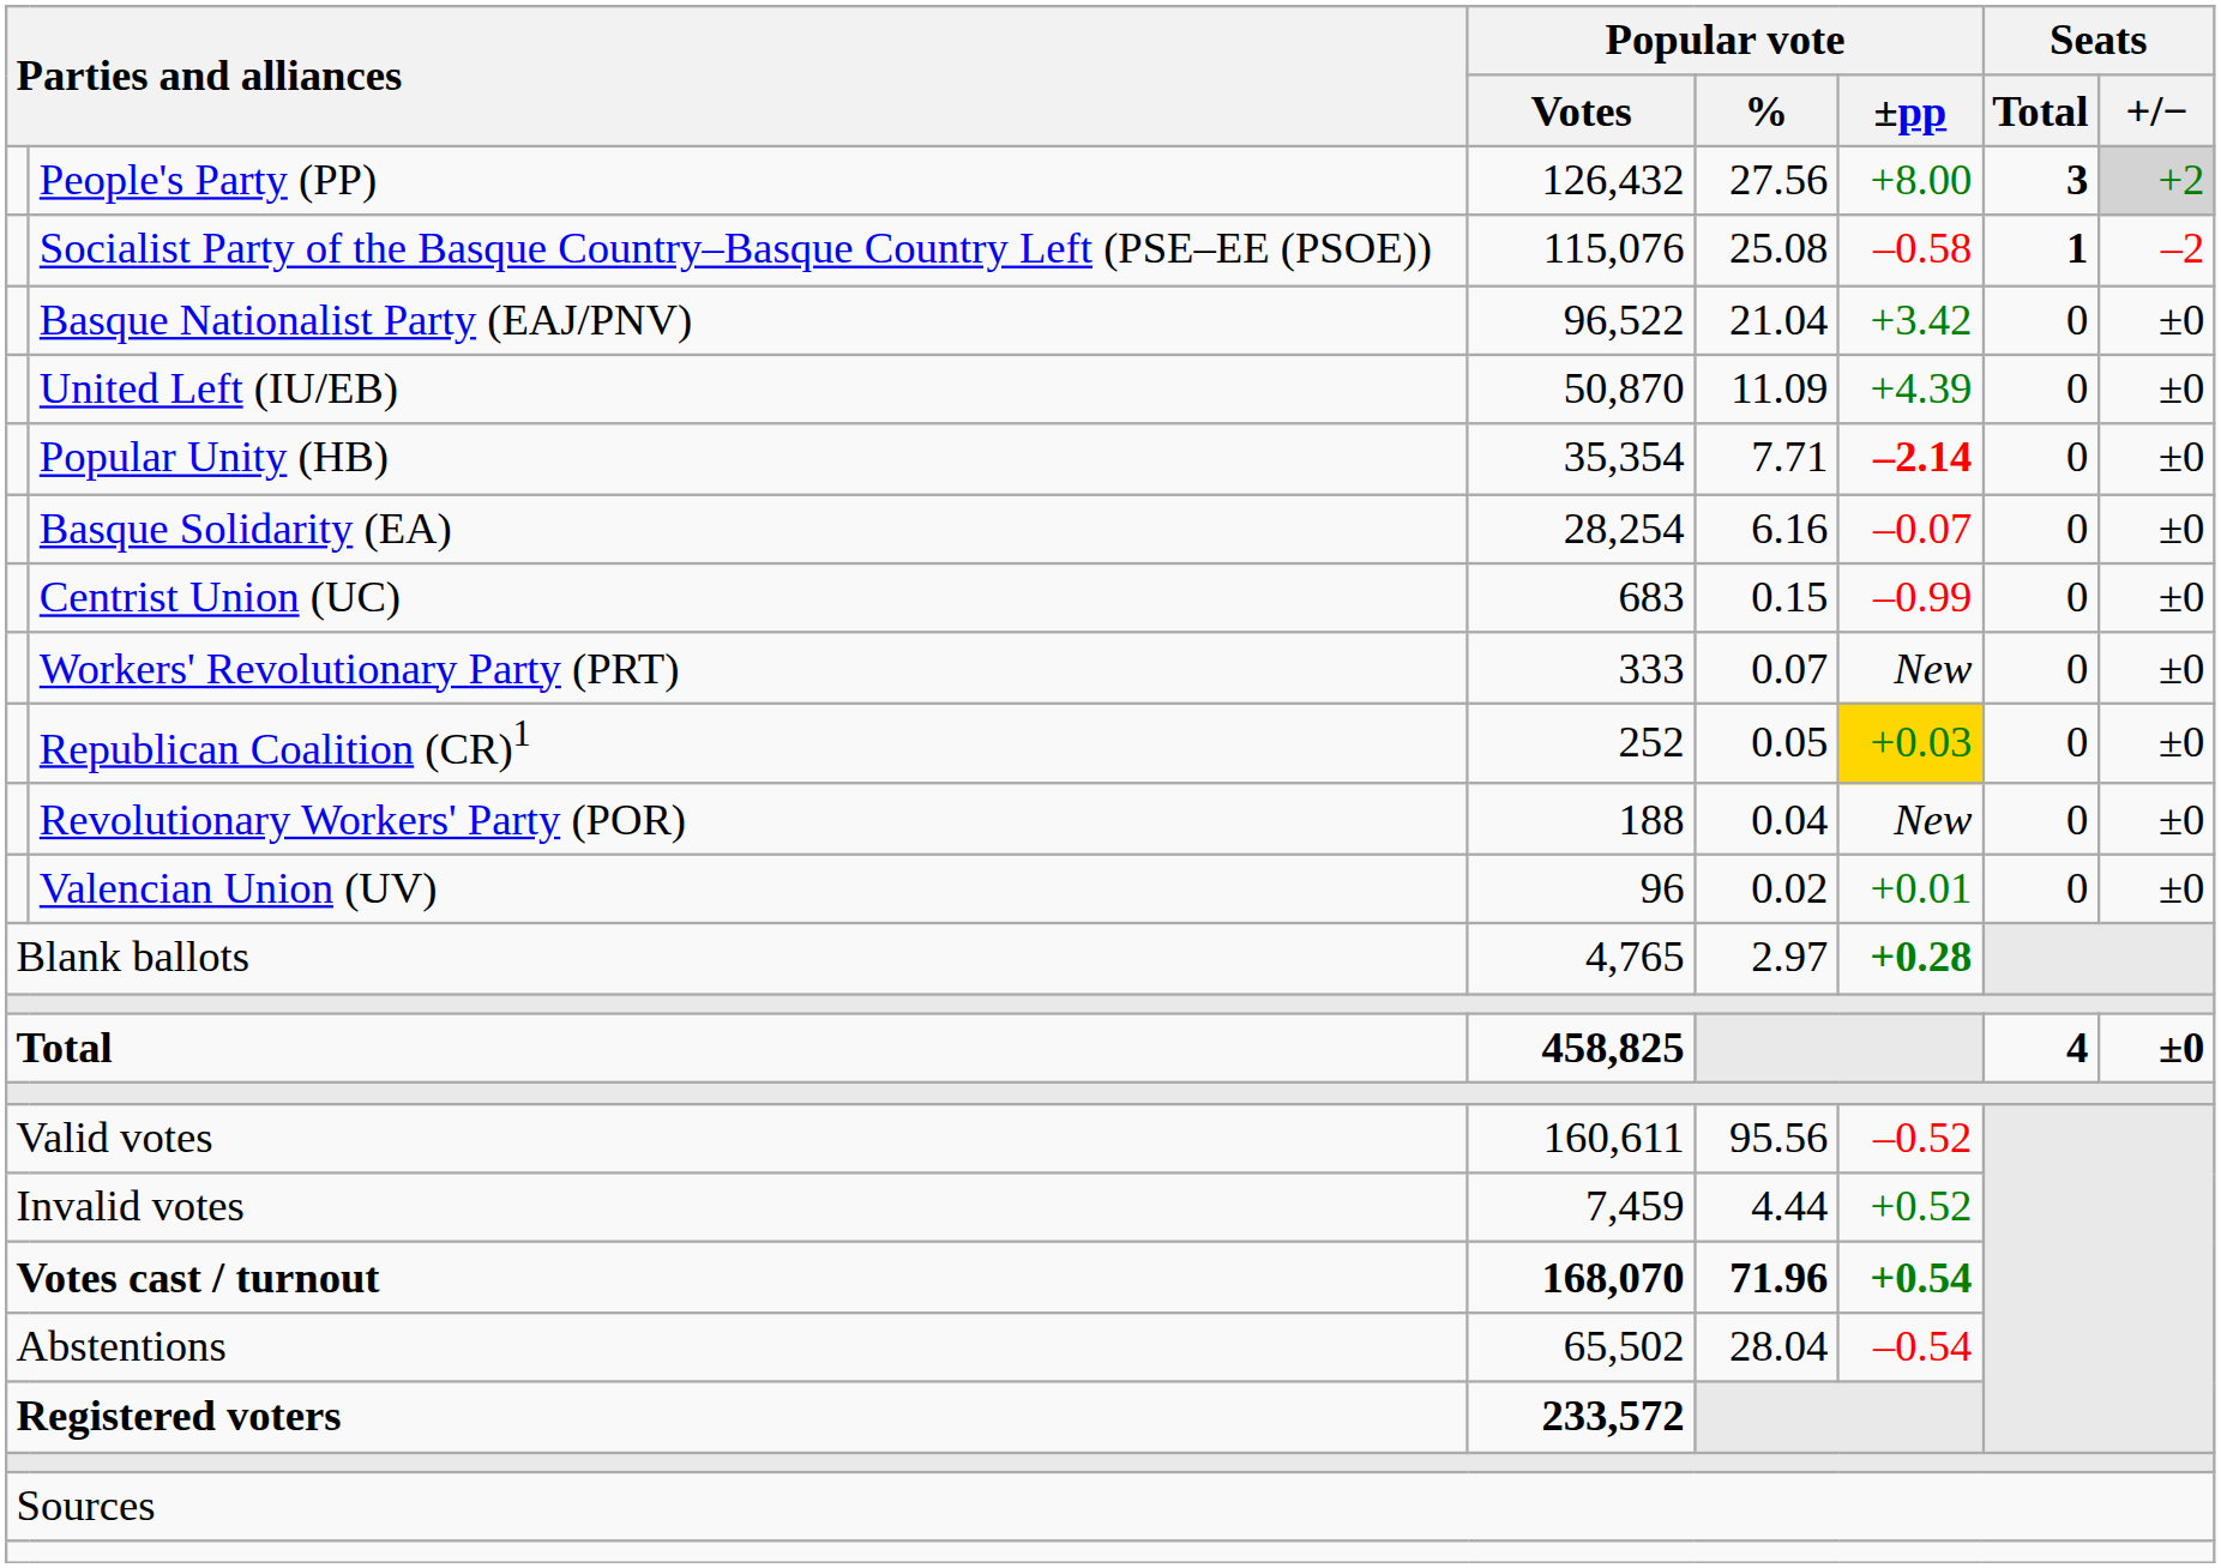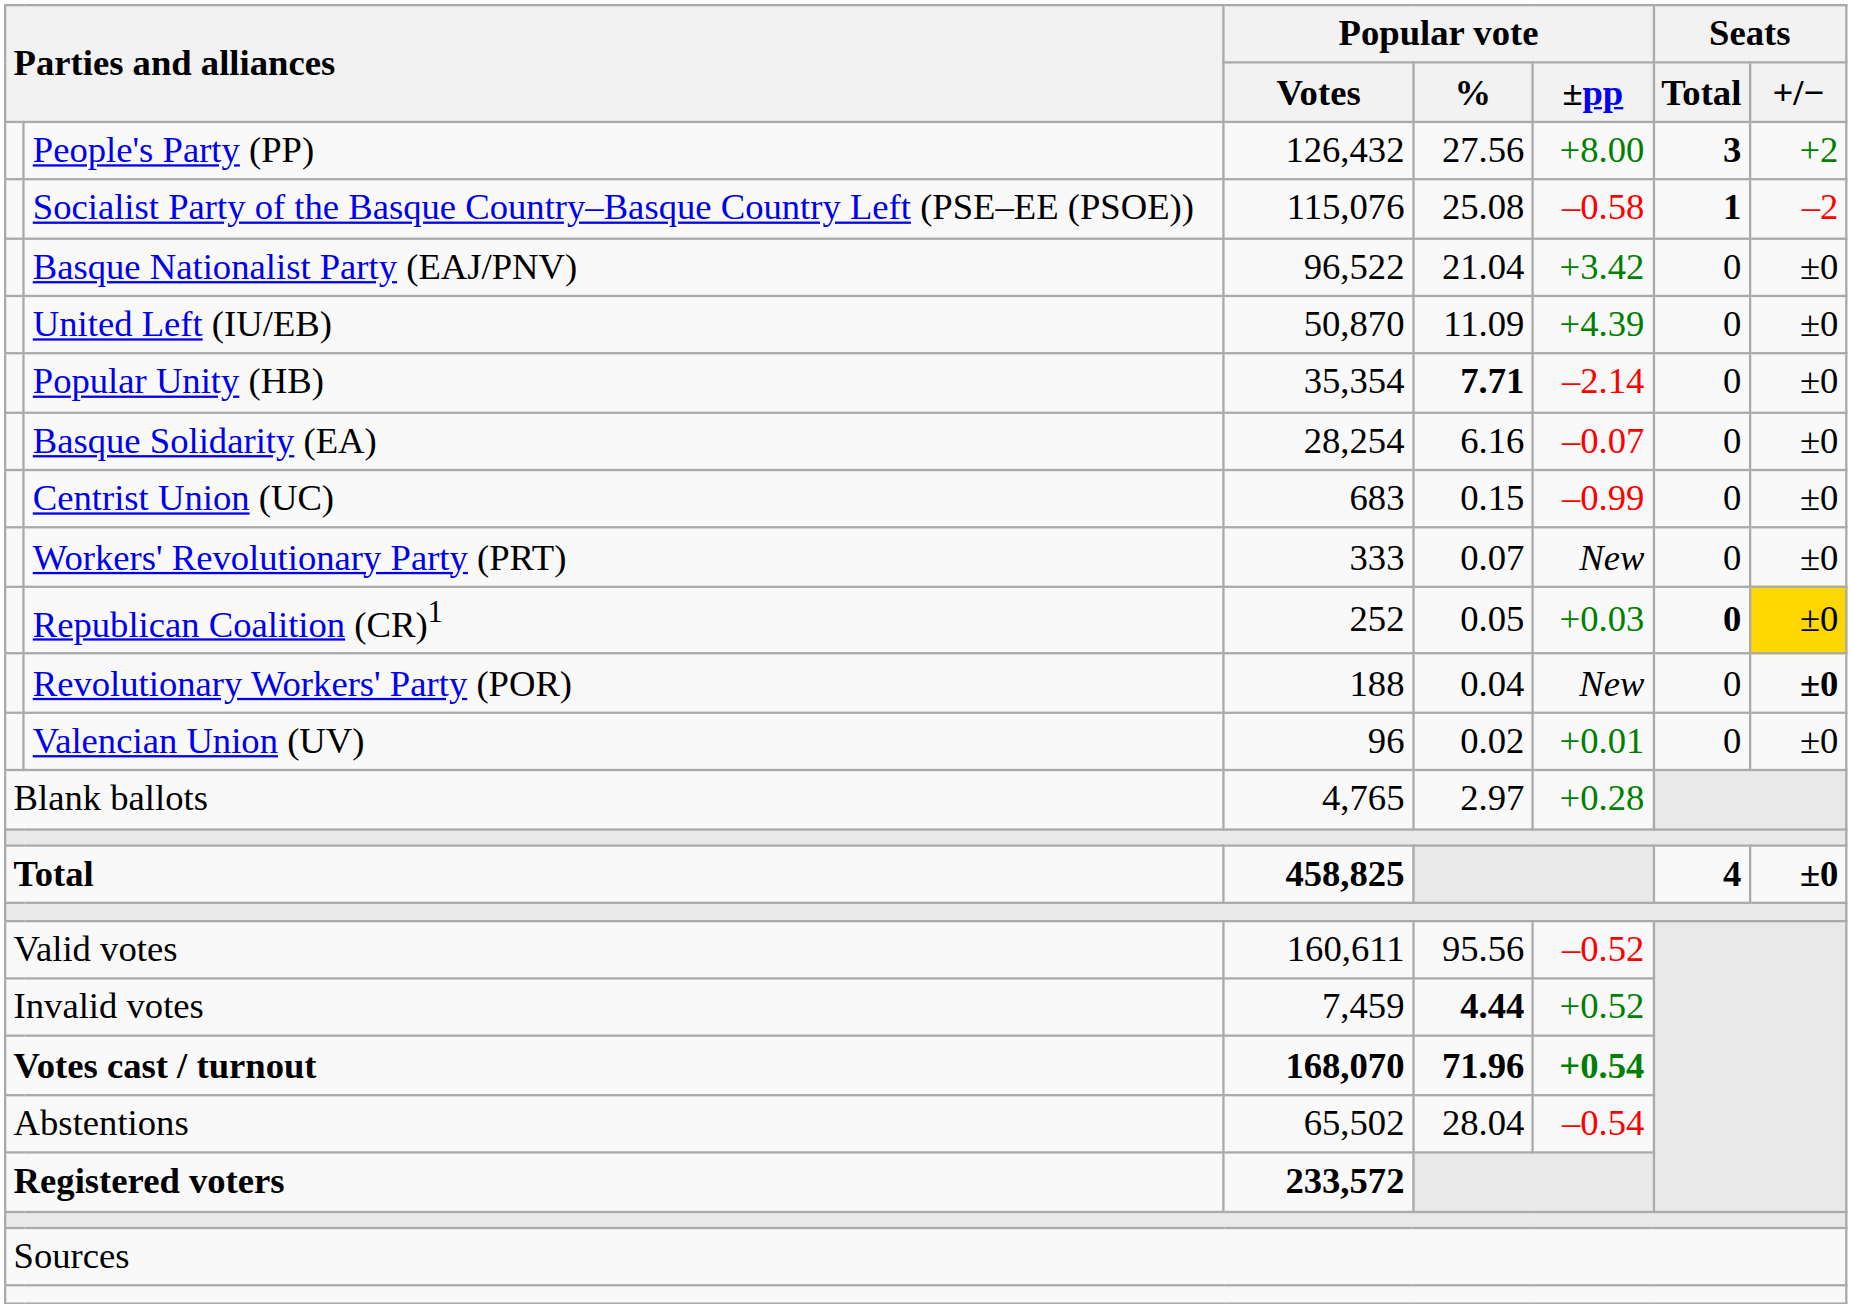 <table class="wikitable" style="text-align:right;">
 <tr>
 <th style="text-align:left;" rowspan="2" colspan="2" width="525">Parties and alliances</th>
 <th colspan="3">Popular vote</th>
 <th colspan="2">Seats</th>
 </tr>
 <tr>
 <th width="75">Votes</th>
 <th width="45">%</th>
 <th width="45">±<a href='#'>pp</a></th>
 <th width="35">Total</th>
 <th width="35">+/−</th>
 </tr>
 <tr>
 <td width="1" style="color:inherit;background:"></td>
 <td align="left"><a href='#'>People's Party</a> (PP)</td>
 <td>126,432</td>
 <td>27.56</td>
 <td style="color:green;">+8.00</td>
 <td><strong>3</strong></td>
-<td style="background: lightgrey; color:green;">+2</td>
+<td style="color:green;">+2</td>
 </tr>
 <tr>
 <td style="color:inherit;background:"></td>
 <td align="left"><a href='#'>Socialist Party of the Basque Country–Basque Country Left</a> (PSE–EE (PSOE))</td>
 <td>115,076</td>
 <td>25.08</td>
 <td style="color:red;">–0.58</td>
 <td><strong>1</strong></td>
 <td style="color:red;">–2</td>
 </tr>
 <tr>
 <td style="color:inherit;background:"></td>
 <td align="left"><a href='#'>Basque Nationalist Party</a> (EAJ/PNV)</td>
 <td>96,522</td>
 <td>21.04</td>
 <td style="color:green;">+3.42</td>
 <td>0</td>
 <td>±0</td>
 </tr>
 <tr>
 <td style="color:inherit;background:"></td>
 <td align="left"><a href='#'>United Left</a> (IU/EB)</td>
 <td>50,870</td>
 <td>11.09</td>
 <td style="color:green;">+4.39</td>
 <td>0</td>
 <td>±0</td>
 </tr>
 <tr>
 <td style="color:inherit;background:"></td>
 <td align="left"><a href='#'>Popular Unity</a> (HB)</td>
 <td>35,354</td>
-<td>7.71</td>
-<td style="color:red;"><strong>–2.14</strong></td>
+<td><strong>7.71</strong></td>
+<td style="color:red;">–2.14</td>
 <td>0</td>
 <td>±0</td>
 </tr>
 <tr>
 <td style="color:inherit;background:"></td>
 <td align="left"><a href='#'>Basque Solidarity</a> (EA)</td>
 <td>28,254</td>
 <td>6.16</td>
 <td style="color:red;">–0.07</td>
 <td>0</td>
 <td>±0</td>
 </tr>
 <tr>
 <td style="color:inherit;background:"></td>
 <td align="left"><a href='#'>Centrist Union</a> (UC)</td>
 <td>683</td>
 <td>0.15</td>
 <td style="color:red;">–0.99</td>
 <td>0</td>
 <td>±0</td>
 </tr>
 <tr>
 <td style="color:inherit;background:"></td>
 <td align="left"><a href='#'>Workers' Revolutionary Party</a> (PRT)</td>
 <td>333</td>
 <td>0.07</td>
 <td><em>New</em></td>
 <td>0</td>
 <td>±0</td>
 </tr>
 <tr>
 <td style="color:inherit;background:"></td>
 <td align="left"><a href='#'>Republican Coalition</a> (CR)<sup>1</sup></td>
 <td>252</td>
 <td>0.05</td>
-<td style="background: gold; color:green;">+0.03</td>
-<td>0</td>
-<td>±0</td>
+<td style="color:green;">+0.03</td>
+<td><strong>0</strong></td>
+<td style="background: gold;">±0</td>
 </tr>
 <tr>
 <td style="color:inherit;background:"></td>
 <td align="left"><a href='#'>Revolutionary Workers' Party</a> (POR)</td>
 <td>188</td>
 <td>0.04</td>
 <td><em>New</em></td>
 <td>0</td>
-<td>±0</td>
+<td><strong>±0</strong></td>
 </tr>
 <tr>
 <td style="color:inherit;background:"></td>
 <td align="left"><a href='#'>Valencian Union</a> (UV)</td>
 <td>96</td>
 <td>0.02</td>
 <td style="color:green;">+0.01</td>
 <td>0</td>
 <td>±0</td>
 </tr>
 <tr>
 <td align="left" colspan="2">Blank ballots</td>
 <td>4,765</td>
 <td>2.97</td>
-<td style="color:green;"><strong>+0.28</strong></td>
+<td style="color:green;">+0.28</td>
 <td bgcolor="#E9E9E9" colspan="2"></td>
 </tr>
 <tr>
 <td colspan="7" bgcolor="#E9E9E9"></td>
 </tr>
 <tr style="font-weight:bold;">
 <td align="left" colspan="2">Total</td>
 <td>458,825</td>
 <td bgcolor="#E9E9E9" colspan="2"></td>
 <td>4</td>
 <td>±0</td>
 </tr>
 <tr>
 <td colspan="7" bgcolor="#E9E9E9"></td>
 </tr>
 <tr>
 <td align="left" colspan="2">Valid votes</td>
 <td>160,611</td>
 <td>95.56</td>
 <td style="color:red;">–0.52</td>
 <td bgcolor="#E9E9E9" colspan="2" rowspan="5"></td>
 </tr>
 <tr>
 <td align="left" colspan="2">Invalid votes</td>
 <td>7,459</td>
-<td>4.44</td>
+<td><strong>4.44</strong></td>
 <td style="color:green;">+0.52</td>
 </tr>
 <tr style="font-weight:bold;">
 <td align="left" colspan="2">Votes cast / turnout</td>
 <td>168,070</td>
 <td>71.96</td>
 <td style="color:green;">+0.54</td>
 </tr>
 <tr>
 <td align="left" colspan="2">Abstentions</td>
 <td>65,502</td>
 <td>28.04</td>
 <td style="color:red;">–0.54</td>
 </tr>
 <tr style="font-weight:bold;">
 <td align="left" colspan="2">Registered voters</td>
 <td>233,572</td>
 <td bgcolor="#E9E9E9" colspan="2"></td>
 </tr>
 <tr>
 <td colspan="7" bgcolor="#E9E9E9"></td>
 </tr>
 <tr>
 <td align="left" colspan="7">Sources</td>
 </tr>
 <tr>
 <td colspan="7" style="text-align:left; max-width:790px;"></td>
 </tr>
 </table>
